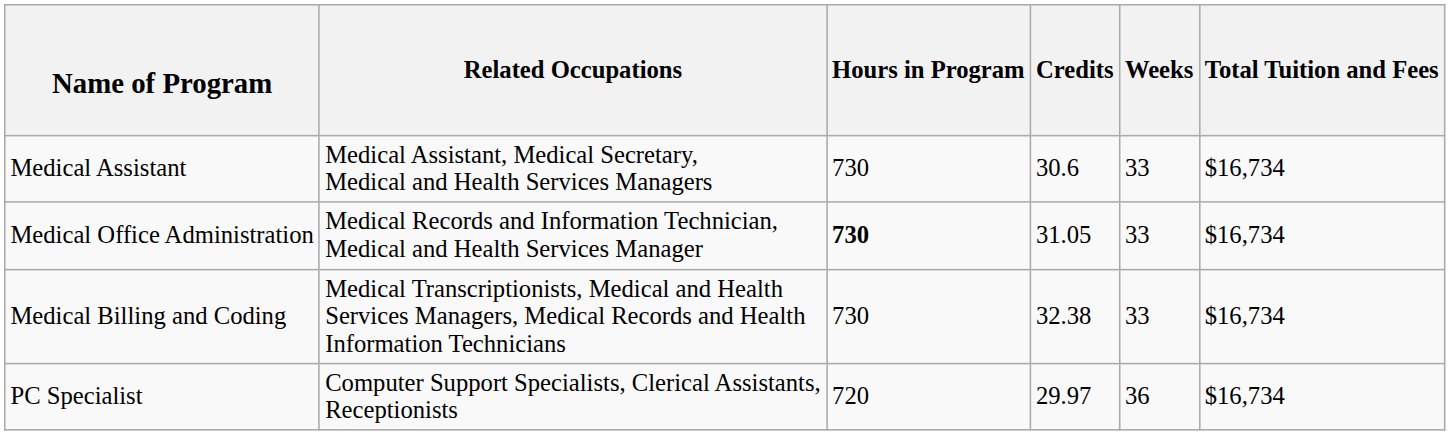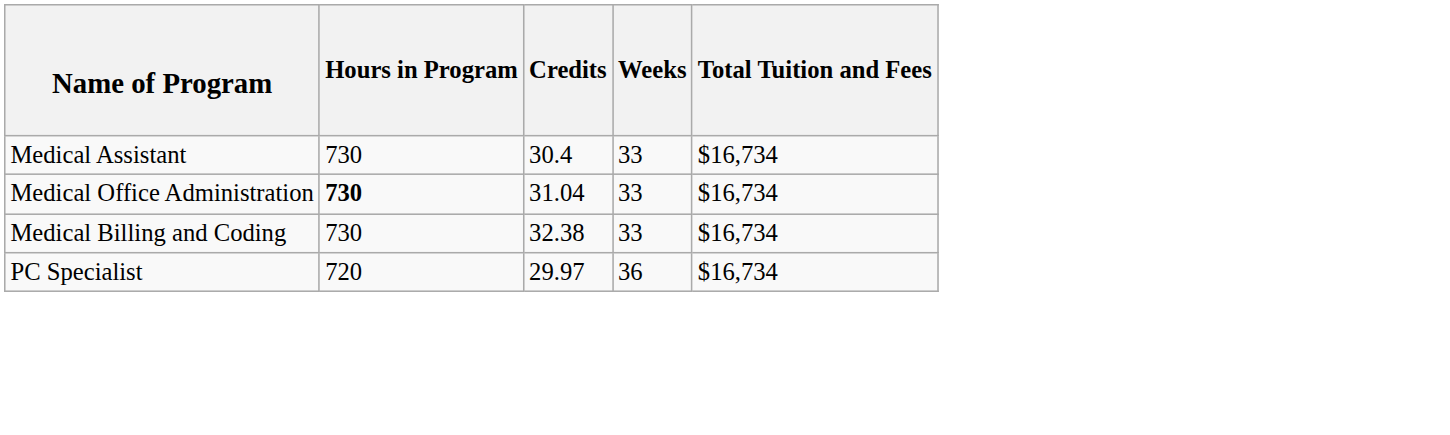 <table class="wikitable">
 <tr>
 <th><br><h3>Name of Program</h3></th>
-<th>Related Occupations</th>
 <th>Hours in Program</th>
 <th>Credits</th>
 <th>Weeks</th>
 <th>Total Tuition and Fees</th>
 </tr>
 <tr>
 <td>Medical Assistant</td>
-<td>Medical Assistant, Medical Secretary,<br>Medical and Health Services Managers</td>
 <td>730</td>
-<td>30.6</td>
+<td>30.4</td>
 <td>33</td>
 <td>$16,734</td>
 </tr>
 <tr>
 <td>Medical Office Administration</td>
-<td>Medical Records and Information Technician,<br>Medical and Health Services Manager</td>
 <td><strong>730</strong></td>
-<td>31.05</td>
+<td>31.04</td>
 <td>33</td>
 <td>$16,734</td>
 </tr>
 <tr>
 <td>Medical Billing and Coding</td>
-<td>Medical Transcriptionists, Medical and Health<br>Services Managers, Medical Records and Health<br>Information Technicians</td>
 <td>730</td>
 <td>32.38</td>
 <td>33</td>
 <td>$16,734</td>
 </tr>
 <tr>
 <td>PC Specialist</td>
-<td>Computer Support Specialists, Clerical Assistants,<br>Receptionists</td>
 <td>720</td>
 <td>29.97</td>
 <td>36</td>
 <td>$16,734</td>
 </tr>
 </table>
